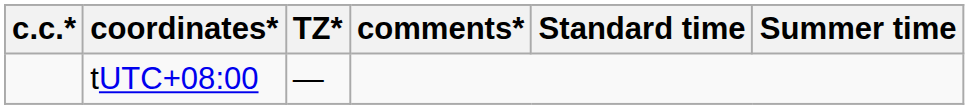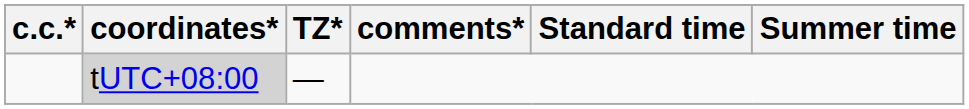 <table class=wikitable>
 <tr>
 <th>c.c.*</th>
 <th>coordinates*</th>
 <th>TZ*</th>
 <th>comments*</th>
 <th>Standard time</th>
 <th>Summer time</th>
 </tr>
 <tr>
 <td></td>
-<td><span>t</span><a href='#'>UTC+08:00</a></td>
+<td style="background: lightgrey;"><span>t</span><a href='#'>UTC+08:00</a></td>
 <td>—</td>
 </tr>
 </table>
